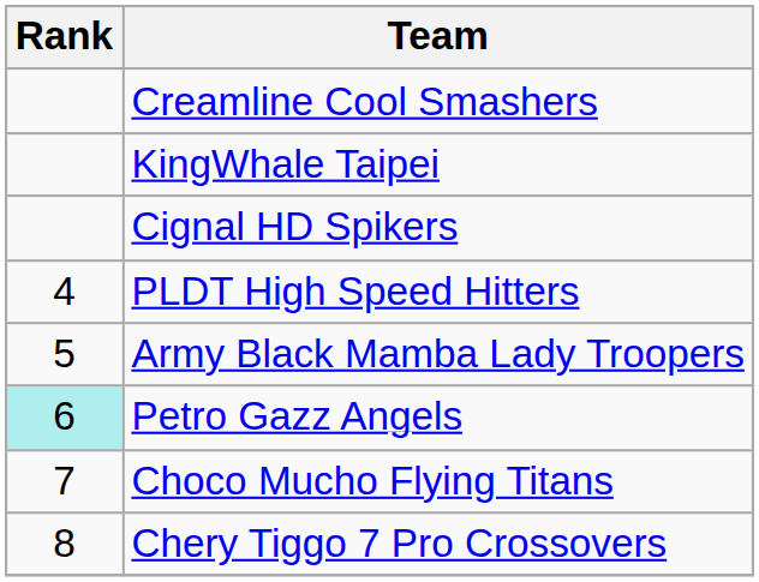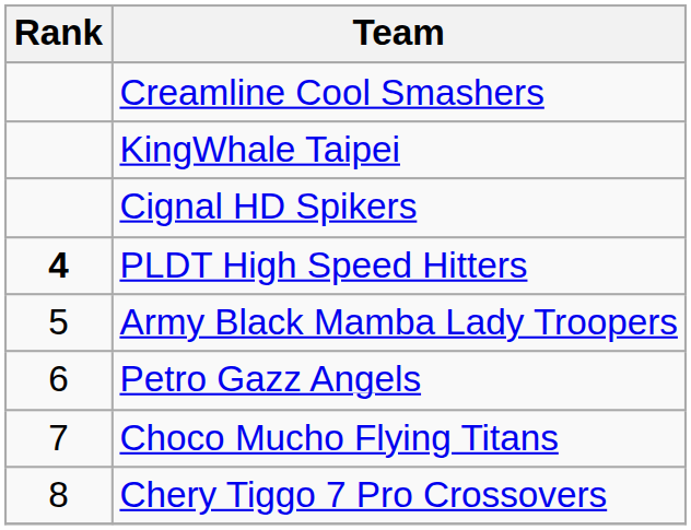 <table class="wikitable" style="text-align: center;">
 <tr>
 <th>Rank</th>
 <th>Team</th>
 </tr>
 <tr>
 <td></td>
 <td align="left"><a href='#'>Creamline Cool Smashers</a></td>
 </tr>
 <tr>
 <td></td>
 <td align="left"><a href='#'>KingWhale Taipei</a></td>
 </tr>
 <tr>
 <td></td>
 <td align="left"><a href='#'>Cignal HD Spikers</a></td>
 </tr>
 <tr>
-<td>4</td>
+<td><strong>4</strong></td>
 <td align="left"><a href='#'>PLDT High Speed Hitters</a></td>
 </tr>
 <tr>
 <td>5</td>
 <td align="left"><a href='#'>Army Black Mamba Lady Troopers</a></td>
 </tr>
 <tr>
-<td style="background: paleturquoise;">6</td>
+<td>6</td>
 <td align="left"><a href='#'>Petro Gazz Angels</a></td>
 </tr>
 <tr>
 <td>7</td>
 <td align="left"><a href='#'>Choco Mucho Flying Titans</a></td>
 </tr>
 <tr>
 <td>8</td>
 <td align="left"><a href='#'>Chery Tiggo 7 Pro Crossovers</a></td>
 </tr>
 <tr>
 </tr>
 </table>
